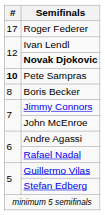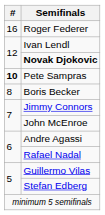 <table class="wikitable" style="display:inline-table;">
 <tr>
 <th width=20>#</th>
 <th>Semifinals</th>
 </tr>
 <tr>
-<td>17</td>
+<td>16</td>
 <td> Roger Federer</td>
 </tr>
 <tr>
 <td rowspan="2">12</td>
 <td> Ivan Lendl</td>
 </tr>
 <tr>
 <td> <strong>Novak Djokovic</strong></td>
 </tr>
 <tr>
 <td><strong>10</strong></td>
 <td> Pete Sampras</td>
 </tr>
 <tr>
 <td>8</td>
 <td> Boris Becker</td>
 </tr>
 <tr>
 <td rowspan="2">7</td>
 <td> <a href='#'>Jimmy Connors</a></td>
 </tr>
 <tr>
 <td> John McEnroe</td>
 </tr>
 <tr>
 <td rowspan="2">6</td>
 <td> Andre Agassi</td>
 </tr>
 <tr>
 <td> <a href='#'>Rafael Nadal</a></td>
 </tr>
 <tr>
 <td rowspan="2">5</td>
 <td> <a href='#'>Guillermo Vilas</a></td>
 </tr>
 <tr>
 <td> <a href='#'>Stefan Edberg</a></td>
 </tr>
 <tr>
 <td colspan="3" style="text-align: center;"><small><em>minimum 5 semifinals</em></small></td>
 </tr>
 </table>
